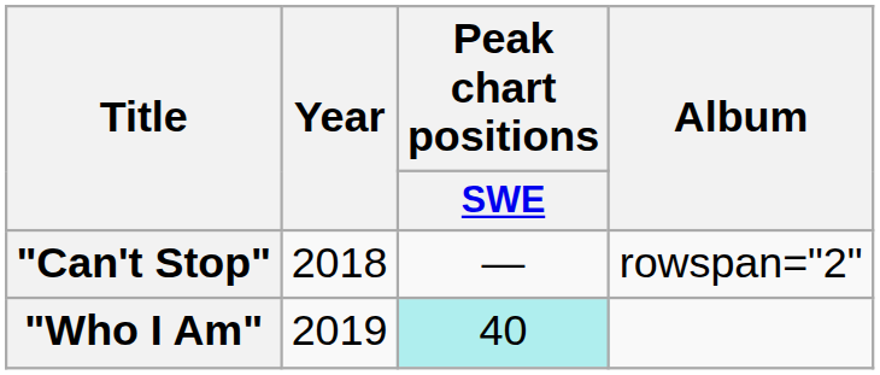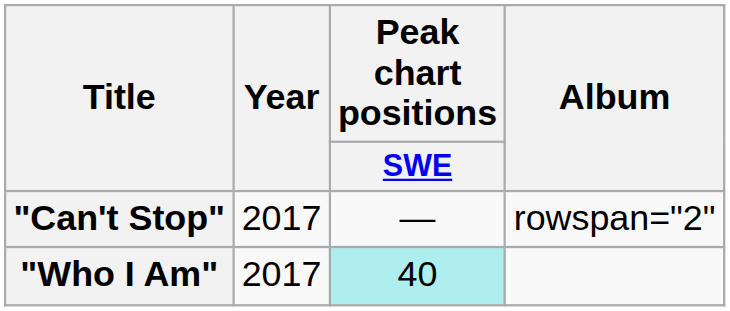 <table class="wikitable plainrowheaders" style="text-align:center;">
 <tr>
 <th scope="col" rowspan="2">Title</th>
 <th scope="col" rowspan="2">Year</th>
 <th scope="col" colspan="1">Peak chart positions</th>
 <th scope="col" rowspan="2">Album</th>
 </tr>
 <tr>
 <th scope="col" style="width:3em;font-size:85%;"><a href='#'>SWE</a><br></th>
 </tr>
 <tr>
 <th scope="row">"Can't Stop"</th>
-<td>2018</td>
+<td>2017</td>
 <td>—</td>
 <td>rowspan="2" </td>
 </tr>
 <tr>
 <th scope="row">"Who I Am"</th>
-<td>2019</td>
+<td>2017</td>
 <td style="background: paleturquoise;">40</td>
 </tr>
 </table>
